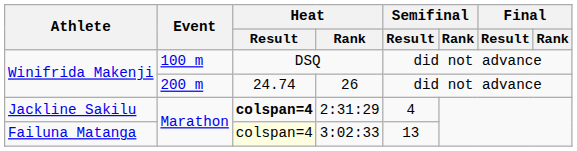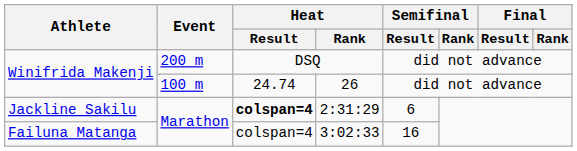 <table class="wikitable" style="font-size:90%; text-align:center">
 <tr>
 <th rowspan=2>Athlete</th>
 <th rowspan=2>Event</th>
 <th colspan=2>Heat</th>
 <th colspan=2>Semifinal</th>
 <th colspan=2>Final</th>
 </tr>
 <tr style="font-size:95%">
 <th>Result</th>
 <th>Rank</th>
 <th>Result</th>
 <th>Rank</th>
 <th>Result</th>
 <th>Rank</th>
 </tr>
 <tr>
 <td align=left rowspan=2><a href='#'>Winifrida Makenji</a></td>
-<td align=left rowspan=1><a href='#'>100 m</a></td>
+<td align=left rowspan=1><a href='#'>200 m</a></td>
 <td colspan=2>DSQ</td>
 <td colspan=4>did not advance</td>
 </tr>
 <tr>
-<td align=left rowspan=1><a href='#'>200 m</a></td>
+<td align=left rowspan=1><a href='#'>100 m</a></td>
 <td>24.74</td>
 <td>26</td>
 <td colspan=4>did not advance</td>
 </tr>
 <tr>
 <td align=left><a href='#'>Jackline Sakilu</a></td>
 <td align=left rowspan=2><a href='#'>Marathon</a></td>
 <td><strong>colspan=4 </strong></td>
 <td>2:31:29</td>
-<td>4</td>
+<td>6</td>
 </tr>
 <tr>
 <td align=left><a href='#'>Failuna Matanga</a></td>
-<td style="background: lightyellow;">colspan=4 </td>
+<td>colspan=4 </td>
 <td>3:02:33</td>
-<td>13</td>
+<td>16</td>
 </tr>
 </table>
